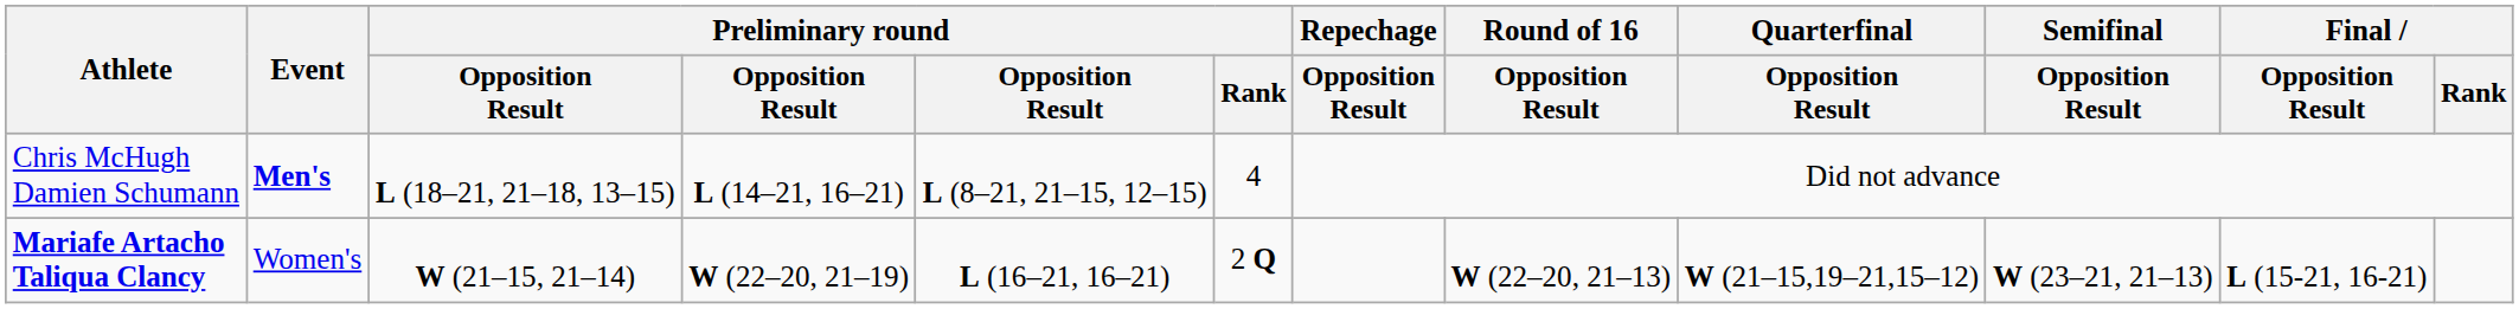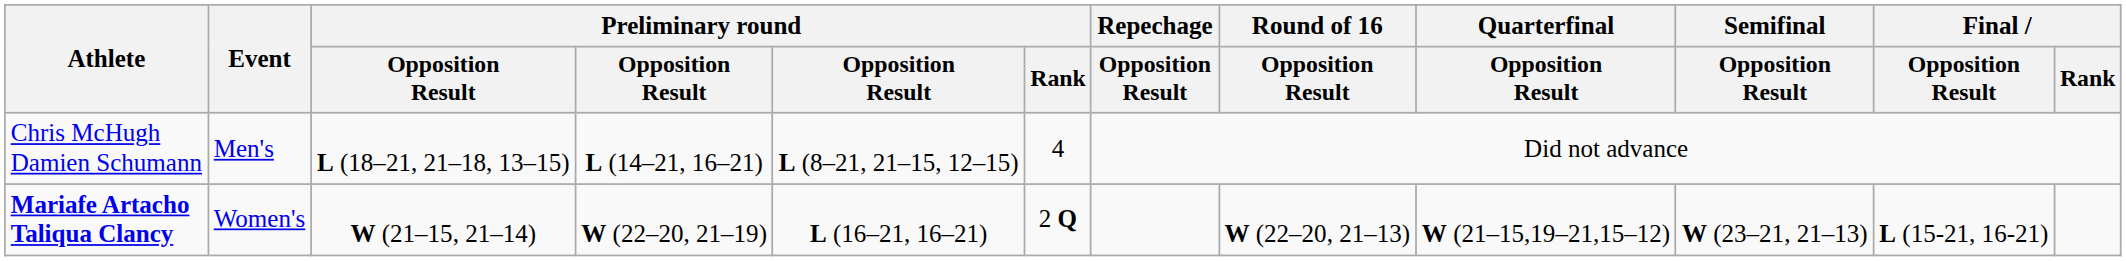 <table class=wikitable style=font-size:90%;text-align:center>
 <tr>
 <th rowspan=2>Athlete</th>
 <th rowspan=2>Event</th>
 <th colspan=4>Preliminary round</th>
 <th>Repechage</th>
 <th>Round of 16</th>
 <th>Quarterfinal</th>
 <th>Semifinal</th>
 <th colspan=2>Final / </th>
 </tr>
 <tr style=font-size:95%>
 <th>Opposition<br>Result</th>
 <th>Opposition<br>Result</th>
 <th>Opposition<br>Result</th>
 <th>Rank</th>
 <th>Opposition<br>Result</th>
 <th>Opposition<br>Result</th>
 <th>Opposition<br>Result</th>
 <th>Opposition<br>Result</th>
 <th>Opposition<br>Result</th>
 <th>Rank</th>
 </tr>
 <tr>
 <td align=left><a href='#'>Chris McHugh</a><br><a href='#'>Damien Schumann</a></td>
-<td align=left><strong><a href='#'>Men's</a></strong></td>
+<td align=left><a href='#'>Men's</a></td>
 <td><br> <strong>L</strong> (18–21, 21–18, 13–15)</td>
 <td><br> <strong>L</strong> (14–21, 16–21)</td>
 <td><br><strong>L</strong> (8–21, 21–15, 12–15)</td>
 <td>4</td>
 <td colspan=6>Did not advance</td>
 </tr>
 <tr>
 <td align=left><strong><a href='#'>Mariafe Artacho</a><br><a href='#'>Taliqua Clancy</a></strong></td>
 <td align=left><a href='#'>Women's</a></td>
 <td><br> <strong>W</strong> (21–15, 21–14)</td>
 <td><br> <strong>W</strong> (22–20, 21–19)</td>
 <td><br> <strong>L</strong> (16–21, 16–21)</td>
 <td>2 <strong>Q</strong></td>
 <td></td>
 <td><br><strong>W</strong> (22–20, 21–13)</td>
 <td><br><strong>W</strong> (21–15,19–21,15–12)</td>
 <td><br><strong>W</strong> (23–21, 21–13)</td>
 <td><br><strong>L</strong> (15-21, 16-21)</td>
 <td></td>
 </tr>
 </table>
